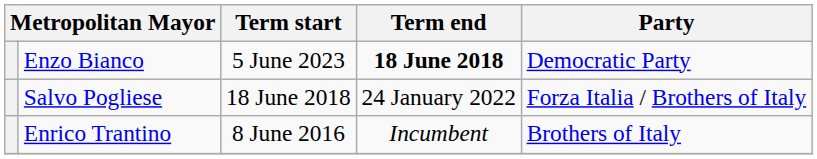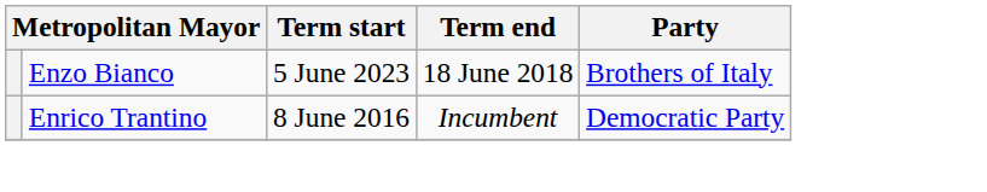 <table class="wikitable">
 <tr>
 <th colspan=2>Metropolitan Mayor</th>
 <th>Term start</th>
 <th>Term end</th>
 <th>Party</th>
 </tr>
 <tr>
 <th style="background:"></th>
 <td><a href='#'>Enzo Bianco</a></td>
 <td align=center>5 June 2023</td>
-<td align=center><strong>18 June 2018</strong></td>
-<td><a href='#'>Democratic Party</a></td>
-</tr>
-<tr>
-<th style="background:"></th>
-<td><a href='#'>Salvo Pogliese</a></td>
 <td align=center>18 June 2018</td>
-<td align=center>24 January 2022</td>
-<td><a href='#'>Forza Italia</a> / <a href='#'>Brothers of Italy</a></td>
+<td><a href='#'>Brothers of Italy</a></td>
 </tr>
 <tr>
 <th style="background:"></th>
 <td><a href='#'>Enrico Trantino</a></td>
 <td align=center>8 June 2016</td>
 <td align=center><em>Incumbent</em></td>
-<td><a href='#'>Brothers of Italy</a></td>
+<td><a href='#'>Democratic Party</a></td>
 </tr>
 <tr>
 </tr>
 </table>
